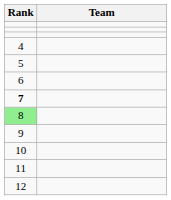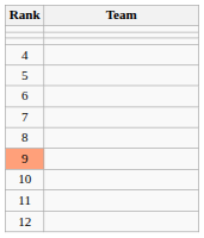 <table class=wikitable style="text-align:center;">
 <tr>
 <th width=40>Rank</th>
 <th width=180>Team</th>
 </tr>
 <tr>
 <td></td>
 <td align=left></td>
 </tr>
 <tr>
 <td></td>
 <td align=left></td>
 </tr>
 <tr>
 <td></td>
 <td align=left></td>
 </tr>
 <tr>
 <td>4</td>
 <td align=left></td>
 </tr>
 <tr>
 <td>5</td>
 <td align=left></td>
 </tr>
 <tr>
 <td>6</td>
 <td align=left></td>
 </tr>
 <tr>
-<td><strong>7</strong></td>
+<td>7</td>
 <td align=left></td>
 </tr>
 <tr>
-<td style="background: lightgreen;">8</td>
+<td>8</td>
 <td align=left></td>
 </tr>
 <tr>
-<td>9</td>
+<td style="background: lightsalmon;">9</td>
 <td align=left></td>
 </tr>
 <tr>
 <td>10</td>
 <td align=left></td>
 </tr>
 <tr>
 <td>11</td>
 <td align=left></td>
 </tr>
 <tr>
 <td>12</td>
 <td align=left></td>
 </tr>
 </table>
